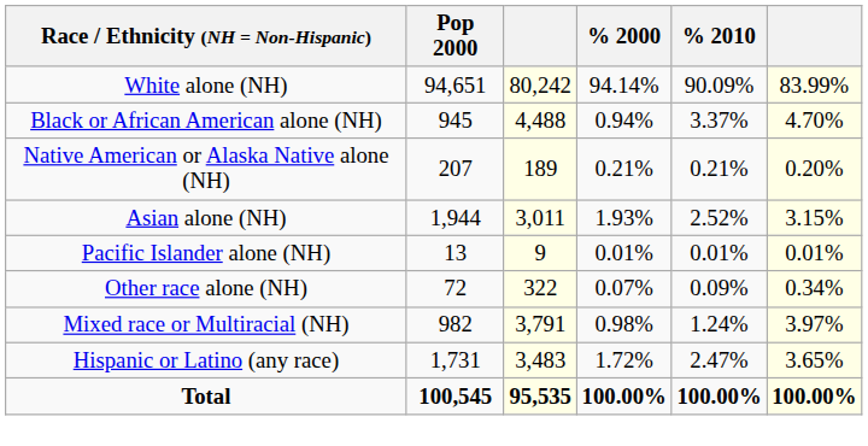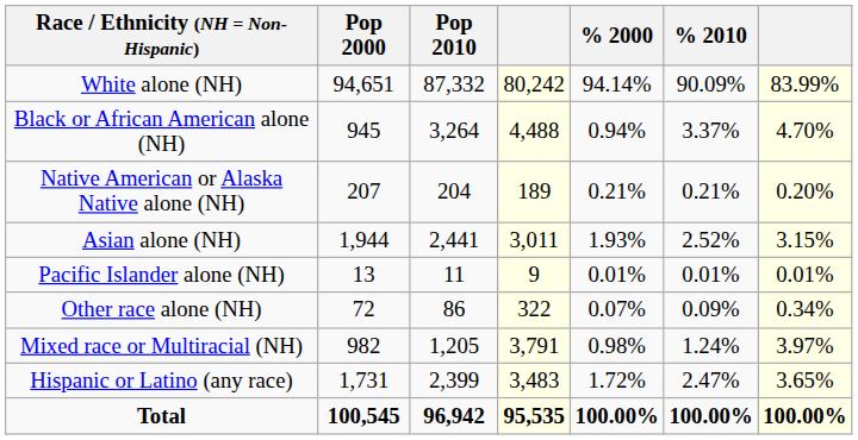 <table class="wikitable" style="text-align:center;">
 <tr>
 <th>Race / Ethnicity <small>(<em>NH = Non-Hispanic</em>)</small></th>
 <th>Pop 2000</th>
+<th>Pop 2010</th>
 <th></th>
 <th>% 2000</th>
 <th>% 2010</th>
 <th></th>
 </tr>
 <tr>
 <td><a href='#'>White</a> alone (NH)</td>
 <td>94,651</td>
+<td>87,332</td>
 <td style='background: #ffffe6;'>80,242</td>
 <td>94.14%</td>
 <td>90.09%</td>
 <td style='background: #ffffe6;'>83.99%</td>
 </tr>
 <tr>
 <td><a href='#'>Black or African American</a> alone (NH)</td>
 <td>945</td>
+<td>3,264</td>
 <td style='background: #ffffe6;'>4,488</td>
 <td>0.94%</td>
 <td>3.37%</td>
 <td style='background: #ffffe6;'>4.70%</td>
 </tr>
 <tr>
 <td><a href='#'>Native American</a> or <a href='#'>Alaska Native</a> alone (NH)</td>
 <td>207</td>
+<td>204</td>
 <td style='background: #ffffe6;'>189</td>
 <td>0.21%</td>
 <td>0.21%</td>
 <td style='background: #ffffe6;'>0.20%</td>
 </tr>
 <tr>
 <td><a href='#'>Asian</a> alone (NH)</td>
 <td>1,944</td>
+<td>2,441</td>
 <td style='background: #ffffe6;'>3,011</td>
 <td>1.93%</td>
 <td>2.52%</td>
 <td style='background: #ffffe6;'>3.15%</td>
 </tr>
 <tr>
 <td><a href='#'>Pacific Islander</a> alone (NH)</td>
 <td>13</td>
+<td>11</td>
 <td style='background: #ffffe6;'>9</td>
 <td>0.01%</td>
 <td>0.01%</td>
 <td style='background: #ffffe6;'>0.01%</td>
 </tr>
 <tr>
 <td><a href='#'>Other race</a> alone (NH)</td>
 <td>72</td>
+<td>86</td>
 <td style='background: #ffffe6;'>322</td>
 <td>0.07%</td>
 <td>0.09%</td>
 <td style='background: #ffffe6;'>0.34%</td>
 </tr>
 <tr>
 <td><a href='#'>Mixed race or Multiracial</a> (NH)</td>
 <td>982</td>
+<td>1,205</td>
 <td style='background: #ffffe6;'>3,791</td>
 <td>0.98%</td>
 <td>1.24%</td>
 <td style='background: #ffffe6;'>3.97%</td>
 </tr>
 <tr>
 <td><a href='#'>Hispanic or Latino</a> (any race)</td>
 <td>1,731</td>
+<td>2,399</td>
 <td style='background: #ffffe6;'>3,483</td>
 <td>1.72%</td>
 <td>2.47%</td>
 <td style='background: #ffffe6;'>3.65%</td>
 </tr>
 <tr>
 <td><strong>Total</strong></td>
 <td><strong>100,545</strong></td>
+<td><strong>96,942</strong></td>
 <td style='background: #ffffe6;'><strong>95,535</strong></td>
 <td><strong>100.00%</strong></td>
 <td><strong>100.00%</strong></td>
 <td style='background: #ffffe6;'><strong>100.00%</strong></td>
 </tr>
 </table>
